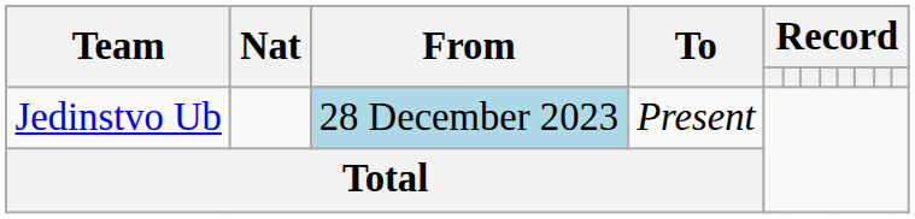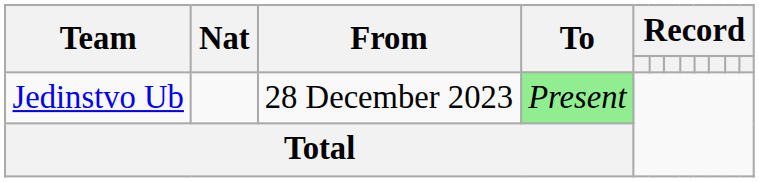 <table class="wikitable" style="text-align: center">
 <tr>
 <th rowspan="2">Team</th>
 <th rowspan="2">Nat</th>
 <th rowspan="2">From</th>
 <th rowspan="2">To</th>
 <th colspan="8">Record</th>
 </tr>
 <tr>
 <th></th>
 <th></th>
 <th></th>
 <th></th>
 <th></th>
 <th></th>
 <th></th>
 <th></th>
 </tr>
 <tr>
 <td align=left><a href='#'>Jedinstvo Ub</a></td>
 <td></td>
-<td align=left style="background: lightblue;">28 December 2023</td>
-<td align=left><em>Present</em><br></td>
+<td align=left>28 December 2023</td>
+<td align=left style="background: lightgreen;"><em>Present</em><br></td>
 </tr>
 <tr>
 <th colspan="4">Total<br></th>
 </tr>
 </table>
